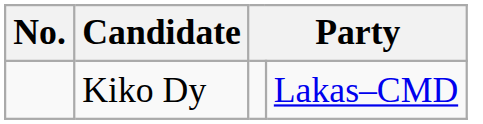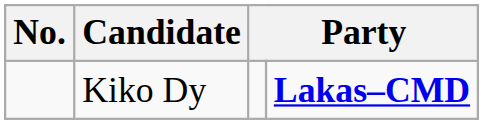 <table class="wikitable sortable" style="text-align:left;">
 <tr>
 <th>No.</th>
 <th>Candidate</th>
 <th colspan="2">Party</th>
 </tr>
 <tr>
 <td></td>
 <td>Kiko Dy</td>
 <td></td>
-<td><a href='#'>Lakas–CMD</a></td>
+<td><strong><a href='#'>Lakas–CMD</a></strong></td>
 </tr>
 </table>
